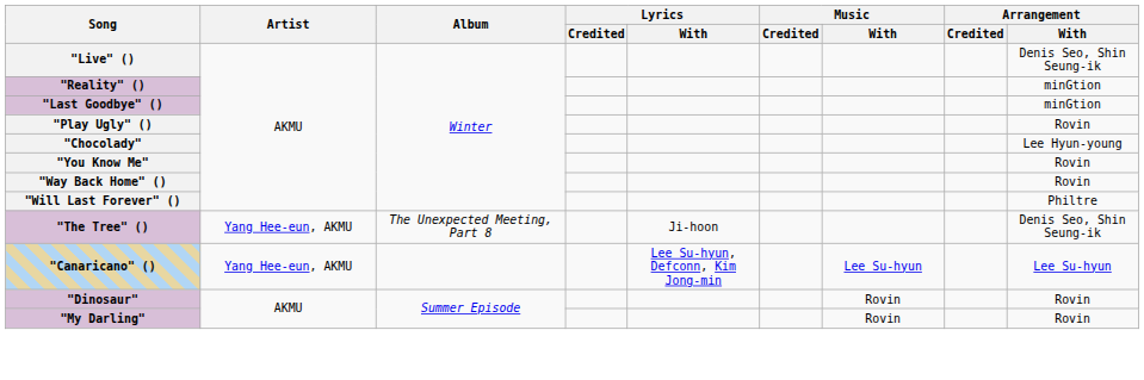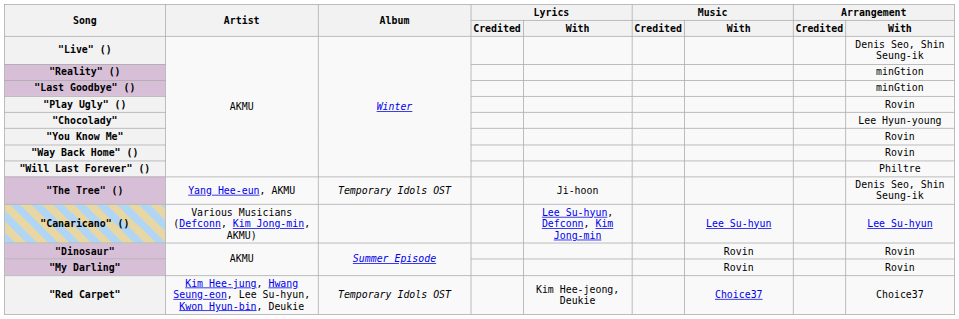 <table class="wikitable plainrowheaders" style="text-align:center;">
 <tr>
 <th rowspan="2" width="300px">Song</th>
 <th rowspan="2" width="300px">Artist</th>
 <th rowspan="2" width="300px">Album</th>
 <th colspan="2">Lyrics</th>
 <th colspan="2">Music</th>
 <th colspan="2">Arrangement</th>
 </tr>
 <tr>
 <th width="50px">Credited</th>
 <th width="200px">With</th>
 <th width="50px">Credited</th>
 <th width="200px">With</th>
 <th width="50px">Credited</th>
 <th width="200px">With</th>
 </tr>
 <tr>
 <th scope="row">"Live" ()</th>
 <td rowspan="8">AKMU</td>
 <td rowspan="8"><em><a href='#'>Winter</a></em></td>
 <td></td>
 <td></td>
 <td></td>
 <td></td>
 <td></td>
 <td>Denis Seo, Shin Seung-ik</td>
 </tr>
 <tr>
 <th scope="row" style="background-color:#D8BFD8">"Reality" () </th>
 <td></td>
 <td></td>
 <td></td>
 <td></td>
 <td></td>
 <td>minGtion</td>
 </tr>
 <tr>
 <th scope="row" style="background-color:#D8BFD8">"Last Goodbye" () </th>
 <td></td>
 <td></td>
 <td></td>
 <td></td>
 <td></td>
 <td>minGtion</td>
 </tr>
 <tr>
 <th scope="row">"Play Ugly" ()</th>
 <td></td>
 <td></td>
 <td></td>
 <td></td>
 <td></td>
 <td>Rovin</td>
 </tr>
 <tr>
 <th scope="row">"Chocolady"</th>
 <td></td>
 <td></td>
 <td></td>
 <td></td>
 <td></td>
 <td>Lee Hyun-young</td>
 </tr>
 <tr>
 <th scope="row">"You Know Me"</th>
 <td></td>
 <td></td>
 <td></td>
 <td></td>
 <td></td>
 <td>Rovin</td>
 </tr>
 <tr>
 <th scope="row">"Way Back Home" ()</th>
 <td></td>
 <td></td>
 <td></td>
 <td></td>
 <td></td>
 <td>Rovin</td>
 </tr>
 <tr>
 <th scope="row">"Will Last Forever" ()</th>
 <td></td>
 <td></td>
 <td></td>
 <td></td>
 <td></td>
 <td>Philtre</td>
 </tr>
 <tr>
 <th scope="row" style="background-color:#D8BFD8">"The Tree" () </th>
 <td><a href='#'>Yang Hee-eun</a>, AKMU</td>
-<td><em>The Unexpected Meeting, Part 8</em></td>
+<td><em>Temporary Idols OST</em></td>
 <td></td>
 <td>Ji-hoon</td>
 <td></td>
 <td></td>
 <td></td>
 <td>Denis Seo, Shin Seung-ik</td>
 </tr>
 <tr>
 <th scope="row" style="background: repeating-linear-gradient(45deg, #b1d6f5, #b1d6f5 10px, #e8d7a2 10px, #e8d7a2 20px);">"Canaricano" ()  <br>  </th>
-<td><a href='#'>Yang Hee-eun</a>, AKMU</td>
+<td>Various Musicians (<a href='#'>Defconn</a>, <a href='#'>Kim Jong-min</a>, AKMU)</td>
 <td></td>
 <td></td>
 <td><a href='#'>Lee Su-hyun</a>, <a href='#'>Defconn</a>, <a href='#'>Kim Jong-min</a></td>
 <td></td>
 <td><a href='#'>Lee Su-hyun</a></td>
 <td></td>
 <td><a href='#'>Lee Su-hyun</a></td>
 </tr>
 <tr>
 <th scope="row" style="background-color:#D8BFD8">"Dinosaur" </th>
 <td rowspan="2">AKMU</td>
 <td rowspan="2"><em><a href='#'>Summer Episode</a></em></td>
 <td></td>
 <td></td>
 <td></td>
 <td>Rovin</td>
 <td></td>
 <td>Rovin</td>
 </tr>
 <tr>
 <th scope="row" style="background-color:#D8BFD8">"My Darling" </th>
 <td></td>
 <td></td>
 <td></td>
 <td>Rovin</td>
 <td></td>
 <td>Rovin</td>
 </tr>
+<tr>
+<th scope="row">"Red Carpet"</th>
+<td><a href='#'>Kim Hee-jung</a>, <a href='#'>Hwang Seung-eon</a>, Lee Su-hyun, <a href='#'>Kwon Hyun-bin</a>, Deukie</td>
+<td><em>Temporary Idols OST</em></td>
+<td></td>
+<td>Kim Hee-jeong, Deukie</td>
+<td></td>
+<td><a href='#'>Choice37</a></td>
+<td></td>
+<td>Choice37</td>
+</tr>
 </table>
